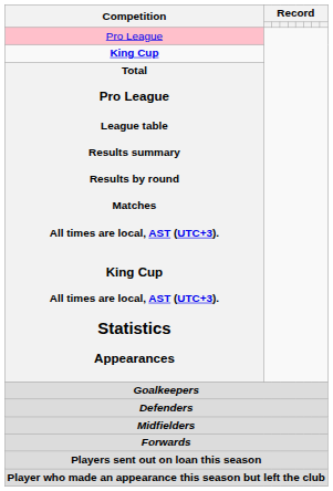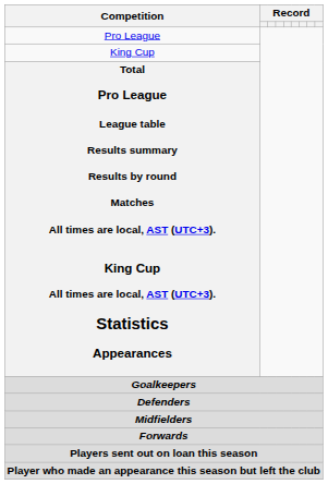 <table class="wikitable" style="text-align: center">
 <tr>
 <th rowspan=2>Competition</th>
 <th colspan=8>Record</th>
 </tr>
 <tr>
 <th></th>
 <th></th>
 <th></th>
 <th></th>
 <th></th>
 <th></th>
 <th></th>
 <th></th>
 </tr>
 <tr>
-<td style="background: pink;"><a href='#'>Pro League</a><br></td>
+<td><a href='#'>Pro League</a><br></td>
 </tr>
 <tr>
-<td><strong><a href='#'>King Cup</a><br></strong></td>
+<td><a href='#'>King Cup</a><br></td>
 </tr>
 <tr>
 <th>Total<br> <h3>Pro League</h3><h4>League table</h4><h4>Results summary</h4> <h4>Results by round</h4><h4>Matches</h4>All times are local, <a href='#'>AST</a> (<a href='#'>UTC+3</a>).<br>   <br>                                 <h3>King Cup</h3> All times are local, <a href='#'>AST</a> (<a href='#'>UTC+3</a>).<br><h2>Statistics</h2><h3>Appearances</h3></th>
 </tr>
 <tr>
 <th colspan=10 style=background:#dcdcdc; text-align:center><em>Goalkeepers</em><br>  </th>
 </tr>
 <tr>
 <th colspan=10 style=background:#dcdcdc; text-align:center><em>Defenders</em><br>        </th>
 </tr>
 <tr>
 <th colspan=10 style=background:#dcdcdc; text-align:center><em>Midfielders</em><br>        </th>
 </tr>
 <tr>
 <th colspan=10 style=background:#dcdcdc; text-align:center><em>Forwards</em><br>    </th>
 </tr>
 <tr>
 <th colspan=16 style=background:#dcdcdc; text-align:center>Players sent out on loan this season<br> </th>
 </tr>
 <tr>
 <th colspan=20 style=background:#dcdcdc; text-align:center>Player who made an appearance this season but left the club<br> </th>
 </tr>
 </table>
